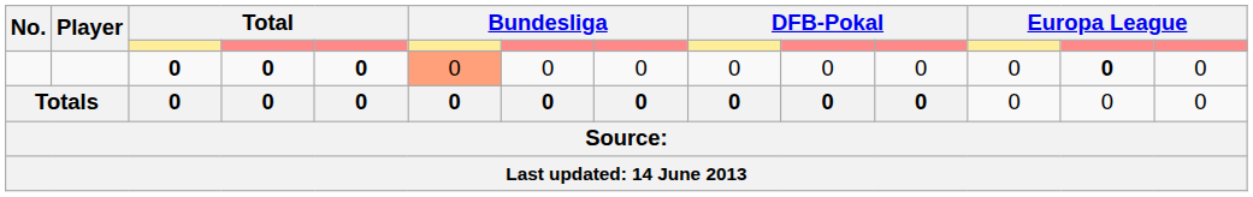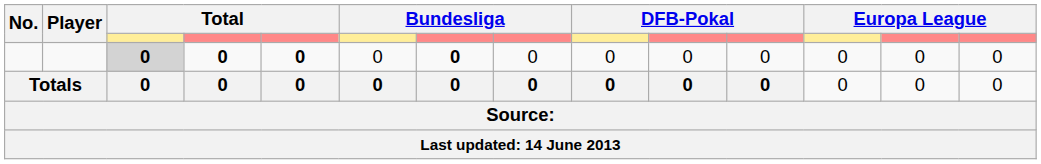 <table class="wikitable" style="text-align:center;">
 <tr style="text-align:center;">
 <th rowspan="2">No.</th>
 <th rowspan="2">Player</th>
 <th colspan="3">Total</th>
 <th colspan="3"><a href='#'>Bundesliga</a></th>
 <th colspan="3"><a href='#'>DFB-Pokal</a></th>
 <th colspan="3"><a href='#'>Europa League</a></th>
 </tr>
 <tr>
 <th style="width:60px; background:#fe9;"></th>
 <th style="width:60px; background:#ff8888;"></th>
 <th style="width:60px; background:#ff8888;"></th>
 <th style="width:60px; background:#fe9;"></th>
 <th style="width:60px; background:#ff8888;"></th>
 <th style="width:60px; background:#ff8888;"></th>
 <th style="width:60px; background:#fe9;"></th>
 <th style="width:60px; background:#ff8888;"></th>
 <th style="width:60px; background:#ff8888;"></th>
 <th style="width:60px; background:#fe9;"></th>
 <th style="width:60px; background:#ff8888;"></th>
 <th style="width:60px; background:#ff8888;"></th>
 </tr>
 <tr>
 <td></td>
 <td></td>
+<td style="background: lightgrey;"><strong>0</strong> </td>
 <td><strong>0</strong> </td>
 <td><strong>0</strong> </td>
-<td><strong>0</strong> </td>
-<td style="background: lightsalmon;">0 </td>
+<td>0 </td>
+<td><strong>0 </strong></td>
 <td>0 </td>
 <td>0 </td>
 <td>0 </td>
 <td>0 </td>
 <td>0 </td>
 <td>0 </td>
-<td><strong>0 </strong></td>
 <td>0 </td>
 </tr>
 <tr>
 <th colspan="2">Totals</th>
 <th>0 </th>
 <th>0 </th>
 <th>0 </th>
 <th>0 </th>
 <th>0 </th>
 <th>0 </th>
 <th>0 </th>
 <th>0 </th>
 <th>0 </th>
 <td>0 </td>
 <td>0 </td>
 <td>0 </td>
 </tr>
 <tr>
 <th colspan="14">Source:</th>
 </tr>
 <tr>
 <th colspan="14"><small>Last updated: 14 June 2013</small></th>
 </tr>
 </table>
